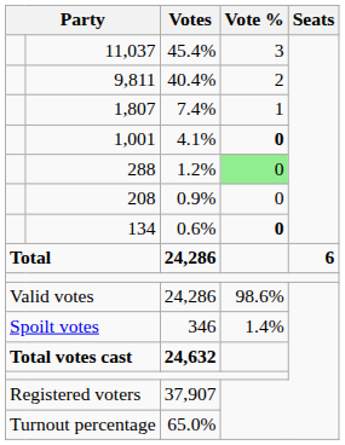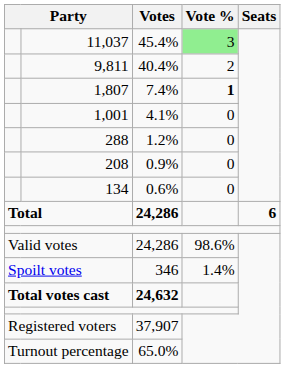 <table class=wikitable style="text-align:right">
 <tr>
 <th colspan=2>Party</th>
 <th>Votes</th>
 <th>Vote %</th>
 <th>Seats</th>
 </tr>
 <tr>
 <td></td>
 <td>11,037</td>
 <td>45.4%</td>
-<td>3</td>
+<td style="background: lightgreen;">3</td>
 </tr>
 <tr>
 <td></td>
 <td>9,811</td>
 <td>40.4%</td>
 <td>2</td>
 </tr>
 <tr>
 <td></td>
 <td>1,807</td>
 <td>7.4%</td>
-<td>1</td>
+<td><strong>1</strong></td>
 </tr>
 <tr>
 <td></td>
 <td>1,001</td>
 <td>4.1%</td>
-<td><strong>0</strong></td>
+<td>0</td>
 </tr>
 <tr>
 <td></td>
 <td>288</td>
 <td>1.2%</td>
-<td style="background: lightgreen;">0</td>
+<td>0</td>
 </tr>
 <tr>
 <td></td>
 <td>208</td>
 <td>0.9%</td>
 <td>0</td>
 </tr>
 <tr>
 <td></td>
 <td>134</td>
 <td>0.6%</td>
-<td><strong>0</strong></td>
+<td>0</td>
 </tr>
 <tr>
 <td colspan=2 style="text-align:left"><strong>Total</strong></td>
 <td><strong>24,286</strong></td>
 <td></td>
 <td><strong>6</strong></td>
 </tr>
 <tr>
 <td colspan=5></td>
 </tr>
 <tr>
 <td colspan=2 style="text-align:left">Valid votes</td>
 <td>24,286</td>
 <td>98.6%</td>
 </tr>
 <tr>
 <td colspan=2 style="text-align:left"><a href='#'>Spoilt votes</a></td>
 <td>346</td>
 <td>1.4%</td>
 </tr>
 <tr>
 <td colspan=2 style="text-align:left"><strong>Total votes cast</strong></td>
 <td><strong>24,632</strong></td>
 <td></td>
 </tr>
 <tr>
 <td colspan="4"></td>
 </tr>
 <tr>
 <td colspan=2 style="text-align:left">Registered voters</td>
 <td>37,907</td>
 </tr>
 <tr>
 <td colspan=2 style="text-align:left">Turnout percentage</td>
 <td>65.0%</td>
 </tr>
 </table>
